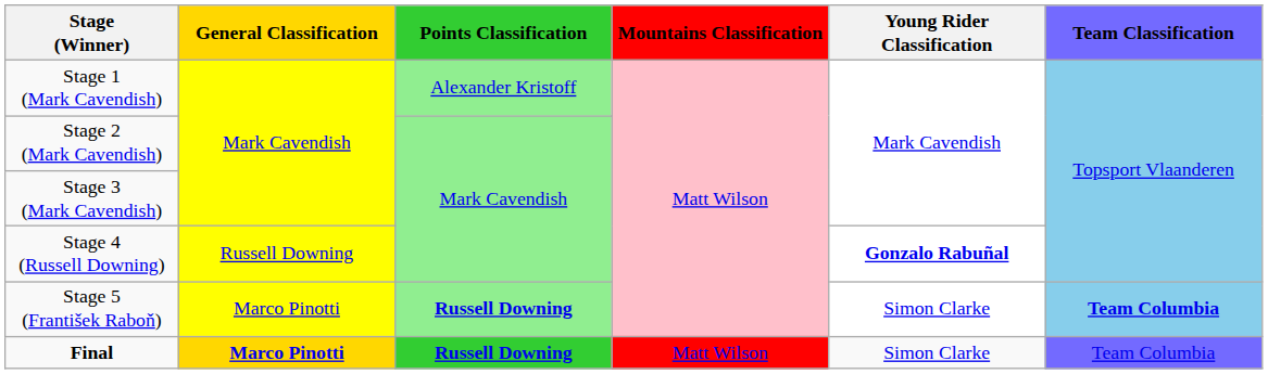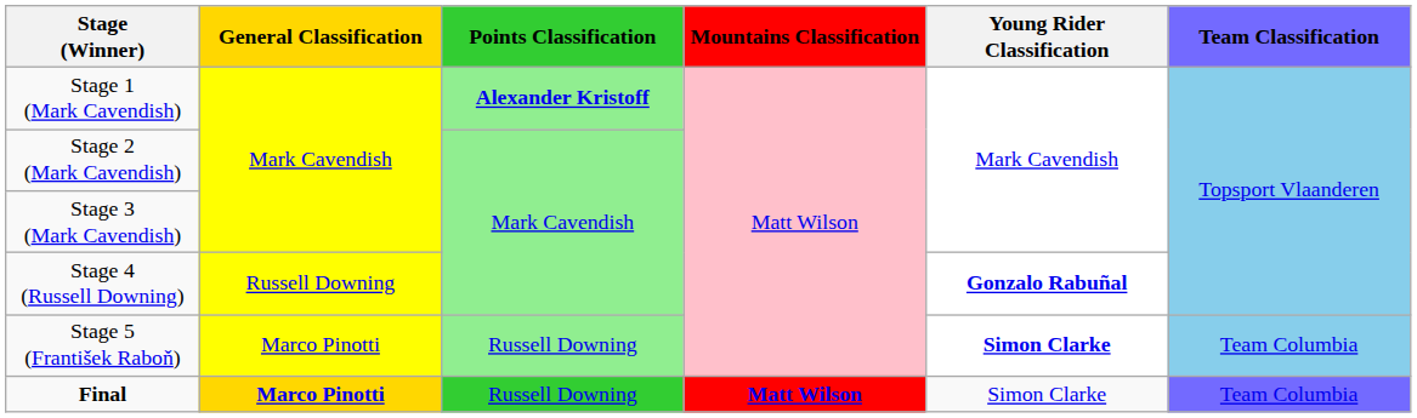 <table class="wikitable" style="text-align: center; font-size:smaller;">
 <tr>
 <th width="12%"><strong>Stage<br>(Winner)</strong></th>
 <th style="background-color:gold;" width="15%"><strong>General Classification</strong></th>
 <th style="background-color:limegreen;" width="15%"><strong>Points Classification</strong></th>
 <th style="background-color:red;" width="15%"><strong>Mountains Classification</strong></th>
 <th style="background-color:offwhite;" width="15%"><strong>Young Rider Classification</strong></th>
 <th style="background-color:#736AFF;" width="15%"><strong>Team Classification</strong></th>
 </tr>
 <tr>
 <td>Stage 1<br>(<a href='#'>Mark Cavendish</a>)</td>
 <td style="background-color:yellow;" rowspan="3"><a href='#'>Mark Cavendish</a></td>
-<td style="background-color:lightgreen;"><a href='#'>Alexander Kristoff</a></td>
+<td style="background-color:lightgreen;"><strong><a href='#'>Alexander Kristoff</a></strong></td>
 <td style="background-color:pink;" rowspan="5"><a href='#'>Matt Wilson</a></td>
 <td style="background-color:white;" rowspan="3"><a href='#'>Mark Cavendish</a></td>
 <td style="background-color:skyblue;" rowspan="4"><a href='#'>Topsport Vlaanderen</a></td>
 </tr>
 <tr>
 <td>Stage 2<br>(<a href='#'>Mark Cavendish</a>)</td>
 <td style="background-color:lightgreen;" rowspan="3"><a href='#'>Mark Cavendish</a></td>
 </tr>
 <tr>
 <td>Stage 3<br>(<a href='#'>Mark Cavendish</a>)</td>
 </tr>
 <tr>
 <td>Stage 4<br>(<a href='#'>Russell Downing</a>)</td>
 <td style="background-color:yellow;"><a href='#'>Russell Downing</a></td>
 <td style="background-color:white;"><strong><a href='#'>Gonzalo Rabuñal</a></strong></td>
 </tr>
 <tr>
 <td>Stage 5<br>(<a href='#'>František Raboň</a>)</td>
 <td style="background-color:yellow;"><a href='#'>Marco Pinotti</a></td>
-<td style="background-color:lightgreen;"><strong><a href='#'>Russell Downing</a></strong></td>
-<td style="background-color:white;"><a href='#'>Simon Clarke</a></td>
-<td style="background-color:skyblue;"><strong><a href='#'>Team Columbia</a></strong></td>
+<td style="background-color:lightgreen;"><a href='#'>Russell Downing</a></td>
+<td style="background-color:white;"><strong><a href='#'>Simon Clarke</a></strong></td>
+<td style="background-color:skyblue;"><a href='#'>Team Columbia</a></td>
 </tr>
 <tr>
 <td><strong>Final</strong></td>
 <td style="background-color:gold;"><strong><a href='#'>Marco Pinotti</a></strong></td>
-<td style="background-color:limegreen;"><strong><a href='#'>Russell Downing</a></strong></td>
-<td style="background-color:red;"><a href='#'>Matt Wilson</a></td>
+<td style="background-color:limegreen;"><a href='#'>Russell Downing</a></td>
+<td style="background-color:red;"><strong><a href='#'>Matt Wilson</a></strong></td>
 <td style="background-color:offwhite;"><a href='#'>Simon Clarke</a></td>
 <td style="background-color:#736AFF;"><a href='#'>Team Columbia</a></td>
 </tr>
 </table>
